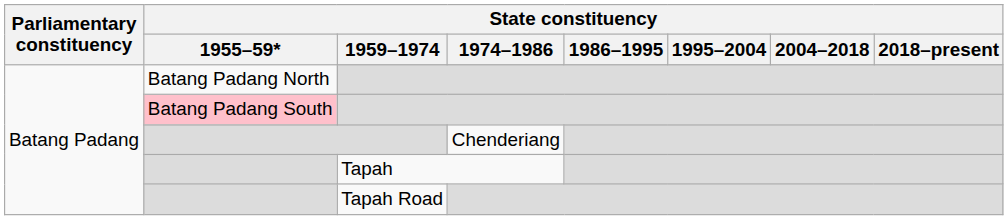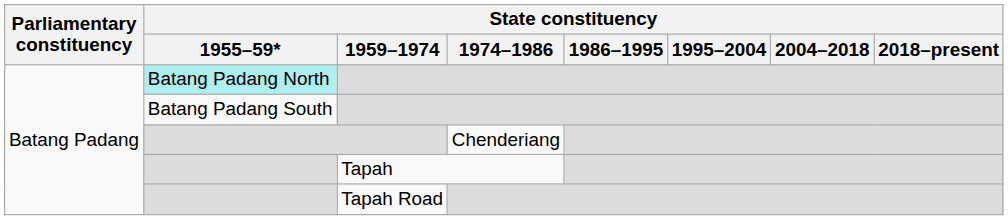 <table class="wikitable">
 <tr>
 <th rowspan="2">Parliamentary<br>constituency</th>
 <th colspan="7">State constituency</th>
 </tr>
 <tr>
 <th>1955–59*</th>
 <th>1959–1974</th>
 <th>1974–1986</th>
 <th>1986–1995</th>
 <th>1995–2004</th>
 <th>2004–2018</th>
 <th>2018–present</th>
 </tr>
 <tr>
 <td rowspan="5">Batang Padang</td>
-<td>Batang Padang North</td>
+<td style="background: paleturquoise;">Batang Padang North</td>
 <td colspan="6" bgcolor="dcdcdc"></td>
 </tr>
 <tr>
-<td style="background: pink;">Batang Padang South</td>
+<td>Batang Padang South</td>
 <td colspan="6" bgcolor="dcdcdc"></td>
 </tr>
 <tr>
 <td colspan="2" bgcolor="dcdcdc"></td>
 <td>Chenderiang</td>
 <td colspan="4" bgcolor="dcdcdc"></td>
 </tr>
 <tr>
 <td bgcolor="dcdcdc"></td>
 <td colspan="2">Tapah</td>
 <td colspan="4" bgcolor="dcdcdc"></td>
 </tr>
 <tr>
 <td bgcolor="dcdcdc"></td>
 <td>Tapah Road</td>
 <td colspan="5" bgcolor="dcdcdc"></td>
 </tr>
 </table>
